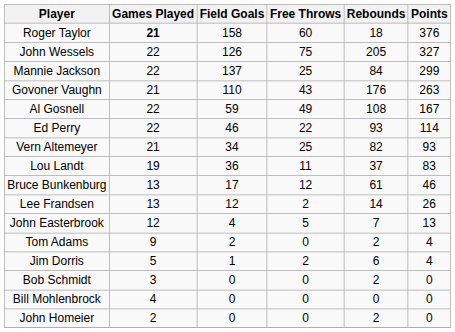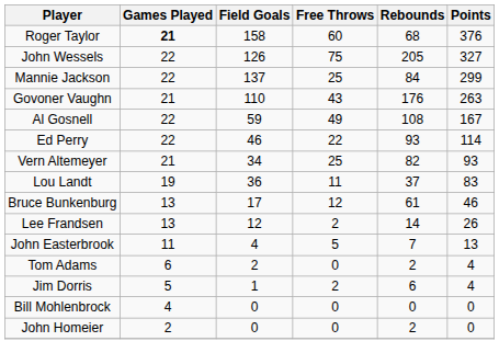 <table class="wikitable sortable">
 <tr>
 <th>Player</th>
 <th>Games Played</th>
 <th>Field Goals</th>
 <th>Free Throws</th>
 <th>Rebounds</th>
 <th>Points</th>
 </tr>
 <tr align="center" bgcolor="">
 <td>Roger Taylor</td>
 <td><strong>21</strong></td>
 <td>158</td>
 <td>60</td>
-<td>18</td>
+<td>68</td>
 <td>376</td>
 </tr>
 <tr align="center" bgcolor="">
 <td>John Wessels</td>
 <td>22</td>
 <td>126</td>
 <td>75</td>
 <td>205</td>
 <td>327</td>
 </tr>
 <tr align="center" bgcolor="">
 <td>Mannie Jackson</td>
 <td>22</td>
 <td>137</td>
 <td>25</td>
 <td>84</td>
 <td>299</td>
 </tr>
 <tr align="center" bgcolor="">
 <td>Govoner Vaughn</td>
 <td>21</td>
 <td>110</td>
 <td>43</td>
 <td>176</td>
 <td>263</td>
 </tr>
 <tr align="center" bgcolor="">
 <td>Al Gosnell</td>
 <td>22</td>
 <td>59</td>
 <td>49</td>
 <td>108</td>
 <td>167</td>
 </tr>
 <tr align="center" bgcolor="">
 <td>Ed Perry</td>
 <td>22</td>
 <td>46</td>
 <td>22</td>
 <td>93</td>
 <td>114</td>
 </tr>
 <tr align="center" bgcolor="">
 <td>Vern Altemeyer</td>
 <td>21</td>
 <td>34</td>
 <td>25</td>
 <td>82</td>
 <td>93</td>
 </tr>
 <tr align="center" bgcolor="">
 <td>Lou Landt</td>
 <td>19</td>
 <td>36</td>
 <td>11</td>
 <td>37</td>
 <td>83</td>
 </tr>
 <tr align="center" bgcolor="">
 <td>Bruce Bunkenburg</td>
 <td>13</td>
 <td>17</td>
 <td>12</td>
 <td>61</td>
 <td>46</td>
 </tr>
 <tr align="center" bgcolor="">
 <td>Lee Frandsen</td>
 <td>13</td>
 <td>12</td>
 <td>2</td>
 <td>14</td>
 <td>26</td>
 </tr>
 <tr align="center" bgcolor="">
 <td>John Easterbrook</td>
-<td>12</td>
+<td>11</td>
 <td>4</td>
 <td>5</td>
 <td>7</td>
 <td>13</td>
 </tr>
 <tr align="center" bgcolor="">
 <td>Tom Adams</td>
-<td>9</td>
+<td>6</td>
 <td>2</td>
 <td>0</td>
 <td>2</td>
 <td>4</td>
 </tr>
 <tr align="center" bgcolor="">
 <td>Jim Dorris</td>
 <td>5</td>
 <td>1</td>
 <td>2</td>
 <td>6</td>
 <td>4</td>
-</tr>
-<tr align="center" bgcolor="">
-<td>Bob Schmidt</td>
-<td>3</td>
-<td>0</td>
-<td>0</td>
-<td>2</td>
-<td>0</td>
 </tr>
 <tr align="center" bgcolor="">
 <td>Bill Mohlenbrock</td>
 <td>4</td>
 <td>0</td>
 <td>0</td>
 <td>0</td>
 <td>0</td>
 </tr>
 <tr align="center" bgcolor="">
 <td>John Homeier</td>
 <td>2</td>
 <td>0</td>
 <td>0</td>
 <td>2</td>
 <td>0</td>
 </tr>
 <tr align="center" bgcolor="">
 </tr>
 </table>
